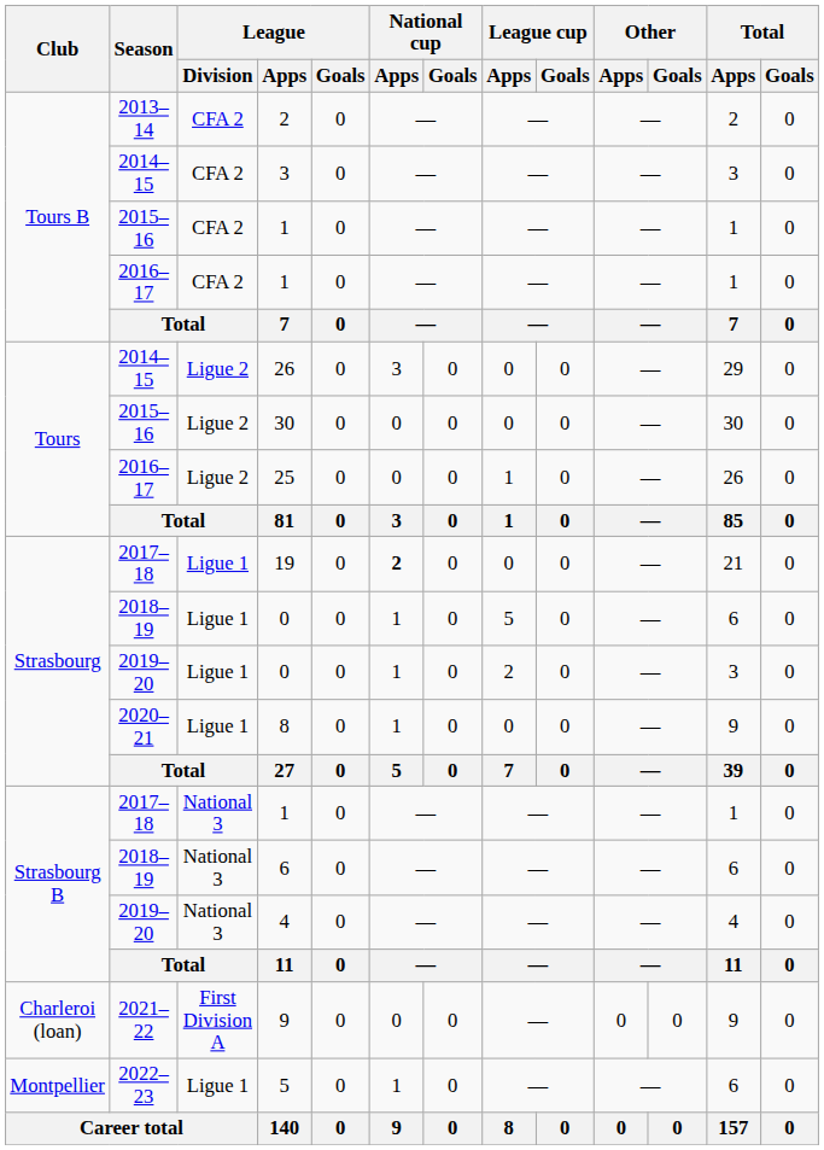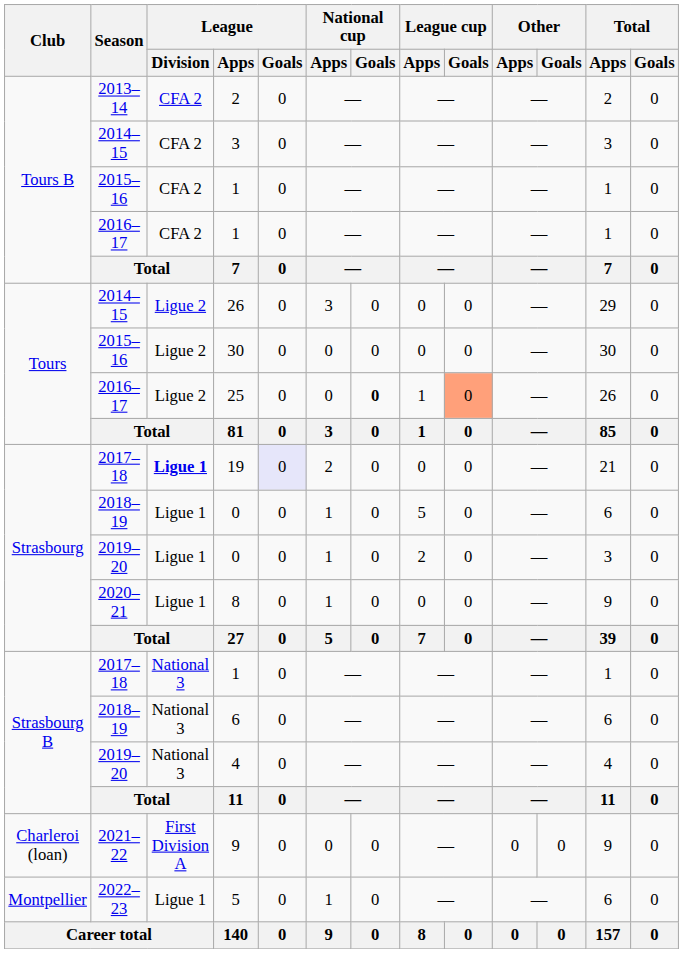 <table class="wikitable" style="text-align: center">
 <tr>
 <th rowspan="2">Club</th>
 <th rowspan="2">Season</th>
 <th colspan="3">League</th>
 <th colspan="2">National cup</th>
 <th colspan="2">League cup</th>
 <th colspan="2">Other</th>
 <th colspan="2">Total</th>
 </tr>
 <tr>
 <th>Division</th>
 <th>Apps</th>
 <th>Goals</th>
 <th>Apps</th>
 <th>Goals</th>
 <th>Apps</th>
 <th>Goals</th>
 <th>Apps</th>
 <th>Goals</th>
 <th>Apps</th>
 <th>Goals</th>
 </tr>
 <tr>
 <td rowspan="5"><a href='#'>Tours B</a></td>
 <td><a href='#'>2013–14</a></td>
 <td><a href='#'>CFA 2</a></td>
 <td>2</td>
 <td>0</td>
 <td colspan="2">—</td>
 <td colspan="2">—</td>
 <td colspan="2">—</td>
 <td>2</td>
 <td>0</td>
 </tr>
 <tr>
 <td><a href='#'>2014–15</a></td>
 <td>CFA 2</td>
 <td>3</td>
 <td>0</td>
 <td colspan="2">—</td>
 <td colspan="2">—</td>
 <td colspan="2">—</td>
 <td>3</td>
 <td>0</td>
 </tr>
 <tr>
 <td><a href='#'>2015–16</a></td>
 <td>CFA 2</td>
 <td>1</td>
 <td>0</td>
 <td colspan="2">—</td>
 <td colspan="2">—</td>
 <td colspan="2">—</td>
 <td>1</td>
 <td>0</td>
 </tr>
 <tr>
 <td><a href='#'>2016–17</a></td>
 <td>CFA 2</td>
 <td>1</td>
 <td>0</td>
 <td colspan="2">—</td>
 <td colspan="2">—</td>
 <td colspan="2">—</td>
 <td>1</td>
 <td>0</td>
 </tr>
 <tr>
 <th colspan="2">Total</th>
 <th>7</th>
 <th>0</th>
 <th colspan="2">—</th>
 <th colspan="2">—</th>
 <th colspan="2">—</th>
 <th>7</th>
 <th>0</th>
 </tr>
 <tr>
 <td rowspan="4"><a href='#'>Tours</a></td>
 <td><a href='#'>2014–15</a></td>
 <td><a href='#'>Ligue 2</a></td>
 <td>26</td>
 <td>0</td>
 <td>3</td>
 <td>0</td>
 <td>0</td>
 <td>0</td>
 <td colspan="2">—</td>
 <td>29</td>
 <td>0</td>
 </tr>
 <tr>
 <td><a href='#'>2015–16</a></td>
 <td>Ligue 2</td>
 <td>30</td>
 <td>0</td>
 <td>0</td>
 <td>0</td>
 <td>0</td>
 <td>0</td>
 <td colspan="2">—</td>
 <td>30</td>
 <td>0</td>
 </tr>
 <tr>
 <td><a href='#'>2016–17</a></td>
 <td>Ligue 2</td>
 <td>25</td>
 <td>0</td>
 <td>0</td>
-<td>0</td>
+<td><strong>0</strong></td>
 <td>1</td>
-<td>0</td>
+<td style="background: lightsalmon;">0</td>
 <td colspan="2">—</td>
 <td>26</td>
 <td>0</td>
 </tr>
 <tr>
 <th colspan="2">Total</th>
 <th>81</th>
 <th>0</th>
 <th>3</th>
 <th>0</th>
 <th>1</th>
 <th>0</th>
 <th colspan="2">—</th>
 <th>85</th>
 <th>0</th>
 </tr>
 <tr>
 <td rowspan="5"><a href='#'>Strasbourg</a></td>
 <td><a href='#'>2017–18</a></td>
-<td><a href='#'>Ligue 1</a></td>
+<td><strong><a href='#'>Ligue 1</a></strong></td>
 <td>19</td>
-<td>0</td>
-<td><strong>2</strong></td>
+<td style="background: lavender;">0</td>
+<td>2</td>
 <td>0</td>
 <td>0</td>
 <td>0</td>
 <td colspan="2">—</td>
 <td>21</td>
 <td>0</td>
 </tr>
 <tr>
 <td><a href='#'>2018–19</a></td>
 <td>Ligue 1</td>
 <td>0</td>
 <td>0</td>
 <td>1</td>
 <td>0</td>
 <td>5</td>
 <td>0</td>
 <td colspan="2">—</td>
 <td>6</td>
 <td>0</td>
 </tr>
 <tr>
 <td><a href='#'>2019–20</a></td>
 <td>Ligue 1</td>
 <td>0</td>
 <td>0</td>
 <td>1</td>
 <td>0</td>
 <td>2</td>
 <td>0</td>
 <td colspan="2">—</td>
 <td>3</td>
 <td>0</td>
 </tr>
 <tr>
 <td><a href='#'>2020–21</a></td>
 <td>Ligue 1</td>
 <td>8</td>
 <td>0</td>
 <td>1</td>
 <td>0</td>
 <td>0</td>
 <td>0</td>
 <td colspan="2">—</td>
 <td>9</td>
 <td>0</td>
 </tr>
 <tr>
 <th colspan="2">Total</th>
 <th>27</th>
 <th>0</th>
 <th>5</th>
 <th>0</th>
 <th>7</th>
 <th>0</th>
 <th colspan="2">—</th>
 <th>39</th>
 <th>0</th>
 </tr>
 <tr>
 <td rowspan="4"><a href='#'>Strasbourg B</a></td>
 <td><a href='#'>2017–18</a></td>
 <td><a href='#'>National 3</a></td>
 <td>1</td>
 <td>0</td>
 <td colspan="2">—</td>
 <td colspan="2">—</td>
 <td colspan="2">—</td>
 <td>1</td>
 <td>0</td>
 </tr>
 <tr>
 <td><a href='#'>2018–19</a></td>
 <td>National 3</td>
 <td>6</td>
 <td>0</td>
 <td colspan="2">—</td>
 <td colspan="2">—</td>
 <td colspan="2">—</td>
 <td>6</td>
 <td>0</td>
 </tr>
 <tr>
 <td><a href='#'>2019–20</a></td>
 <td>National 3</td>
 <td>4</td>
 <td>0</td>
 <td colspan="2">—</td>
 <td colspan="2">—</td>
 <td colspan="2">—</td>
 <td>4</td>
 <td>0</td>
 </tr>
 <tr>
 <th colspan="2">Total</th>
 <th>11</th>
 <th>0</th>
 <th colspan="2">—</th>
 <th colspan="2">—</th>
 <th colspan="2">—</th>
 <th>11</th>
 <th>0</th>
 </tr>
 <tr>
 <td><a href='#'>Charleroi</a> (loan)</td>
 <td><a href='#'>2021–22</a></td>
 <td><a href='#'>First Division A</a></td>
 <td>9</td>
 <td>0</td>
 <td>0</td>
 <td>0</td>
 <td colspan="2">—</td>
 <td>0</td>
 <td>0</td>
 <td>9</td>
 <td>0</td>
 </tr>
 <tr>
 <td><a href='#'>Montpellier</a></td>
 <td><a href='#'>2022–23</a></td>
 <td>Ligue 1</td>
 <td>5</td>
 <td>0</td>
 <td>1</td>
 <td>0</td>
 <td colspan="2">—</td>
 <td colspan="2">—</td>
 <td>6</td>
 <td>0</td>
 </tr>
 <tr>
 <th colspan="3">Career total</th>
 <th>140</th>
 <th>0</th>
 <th>9</th>
 <th>0</th>
 <th>8</th>
 <th>0</th>
 <th>0</th>
 <th>0</th>
 <th>157</th>
 <th>0</th>
 </tr>
 </table>
